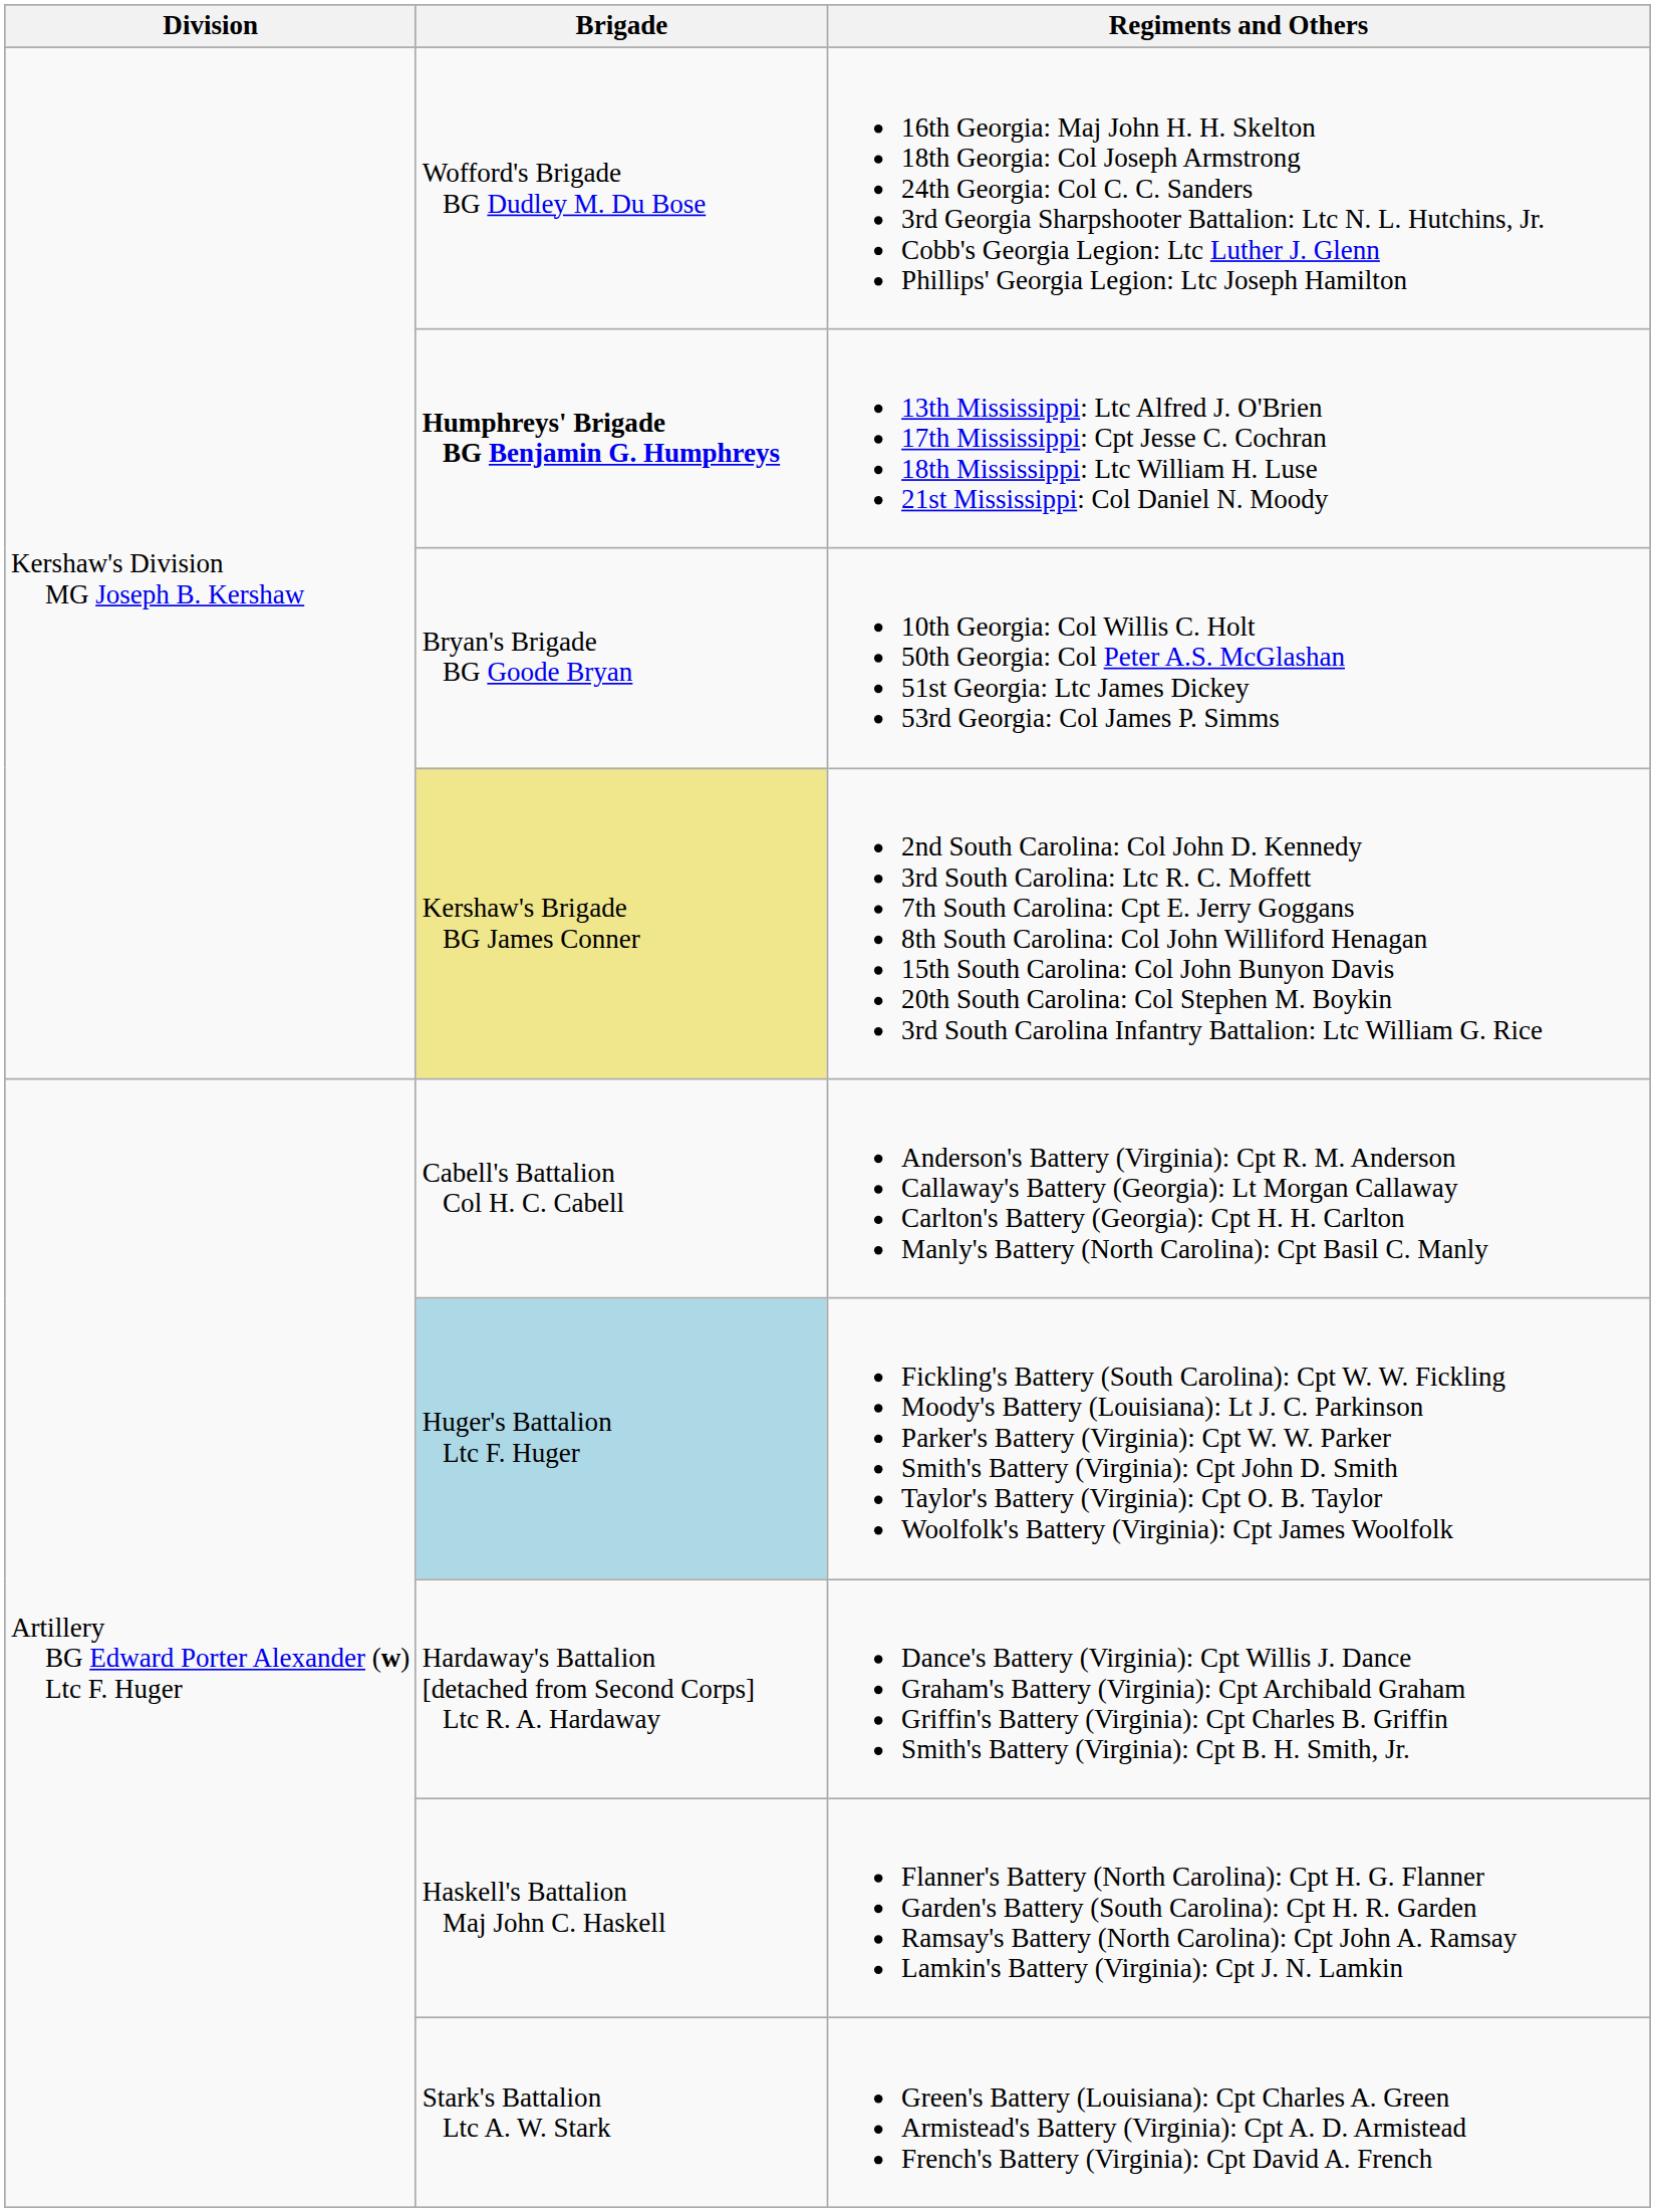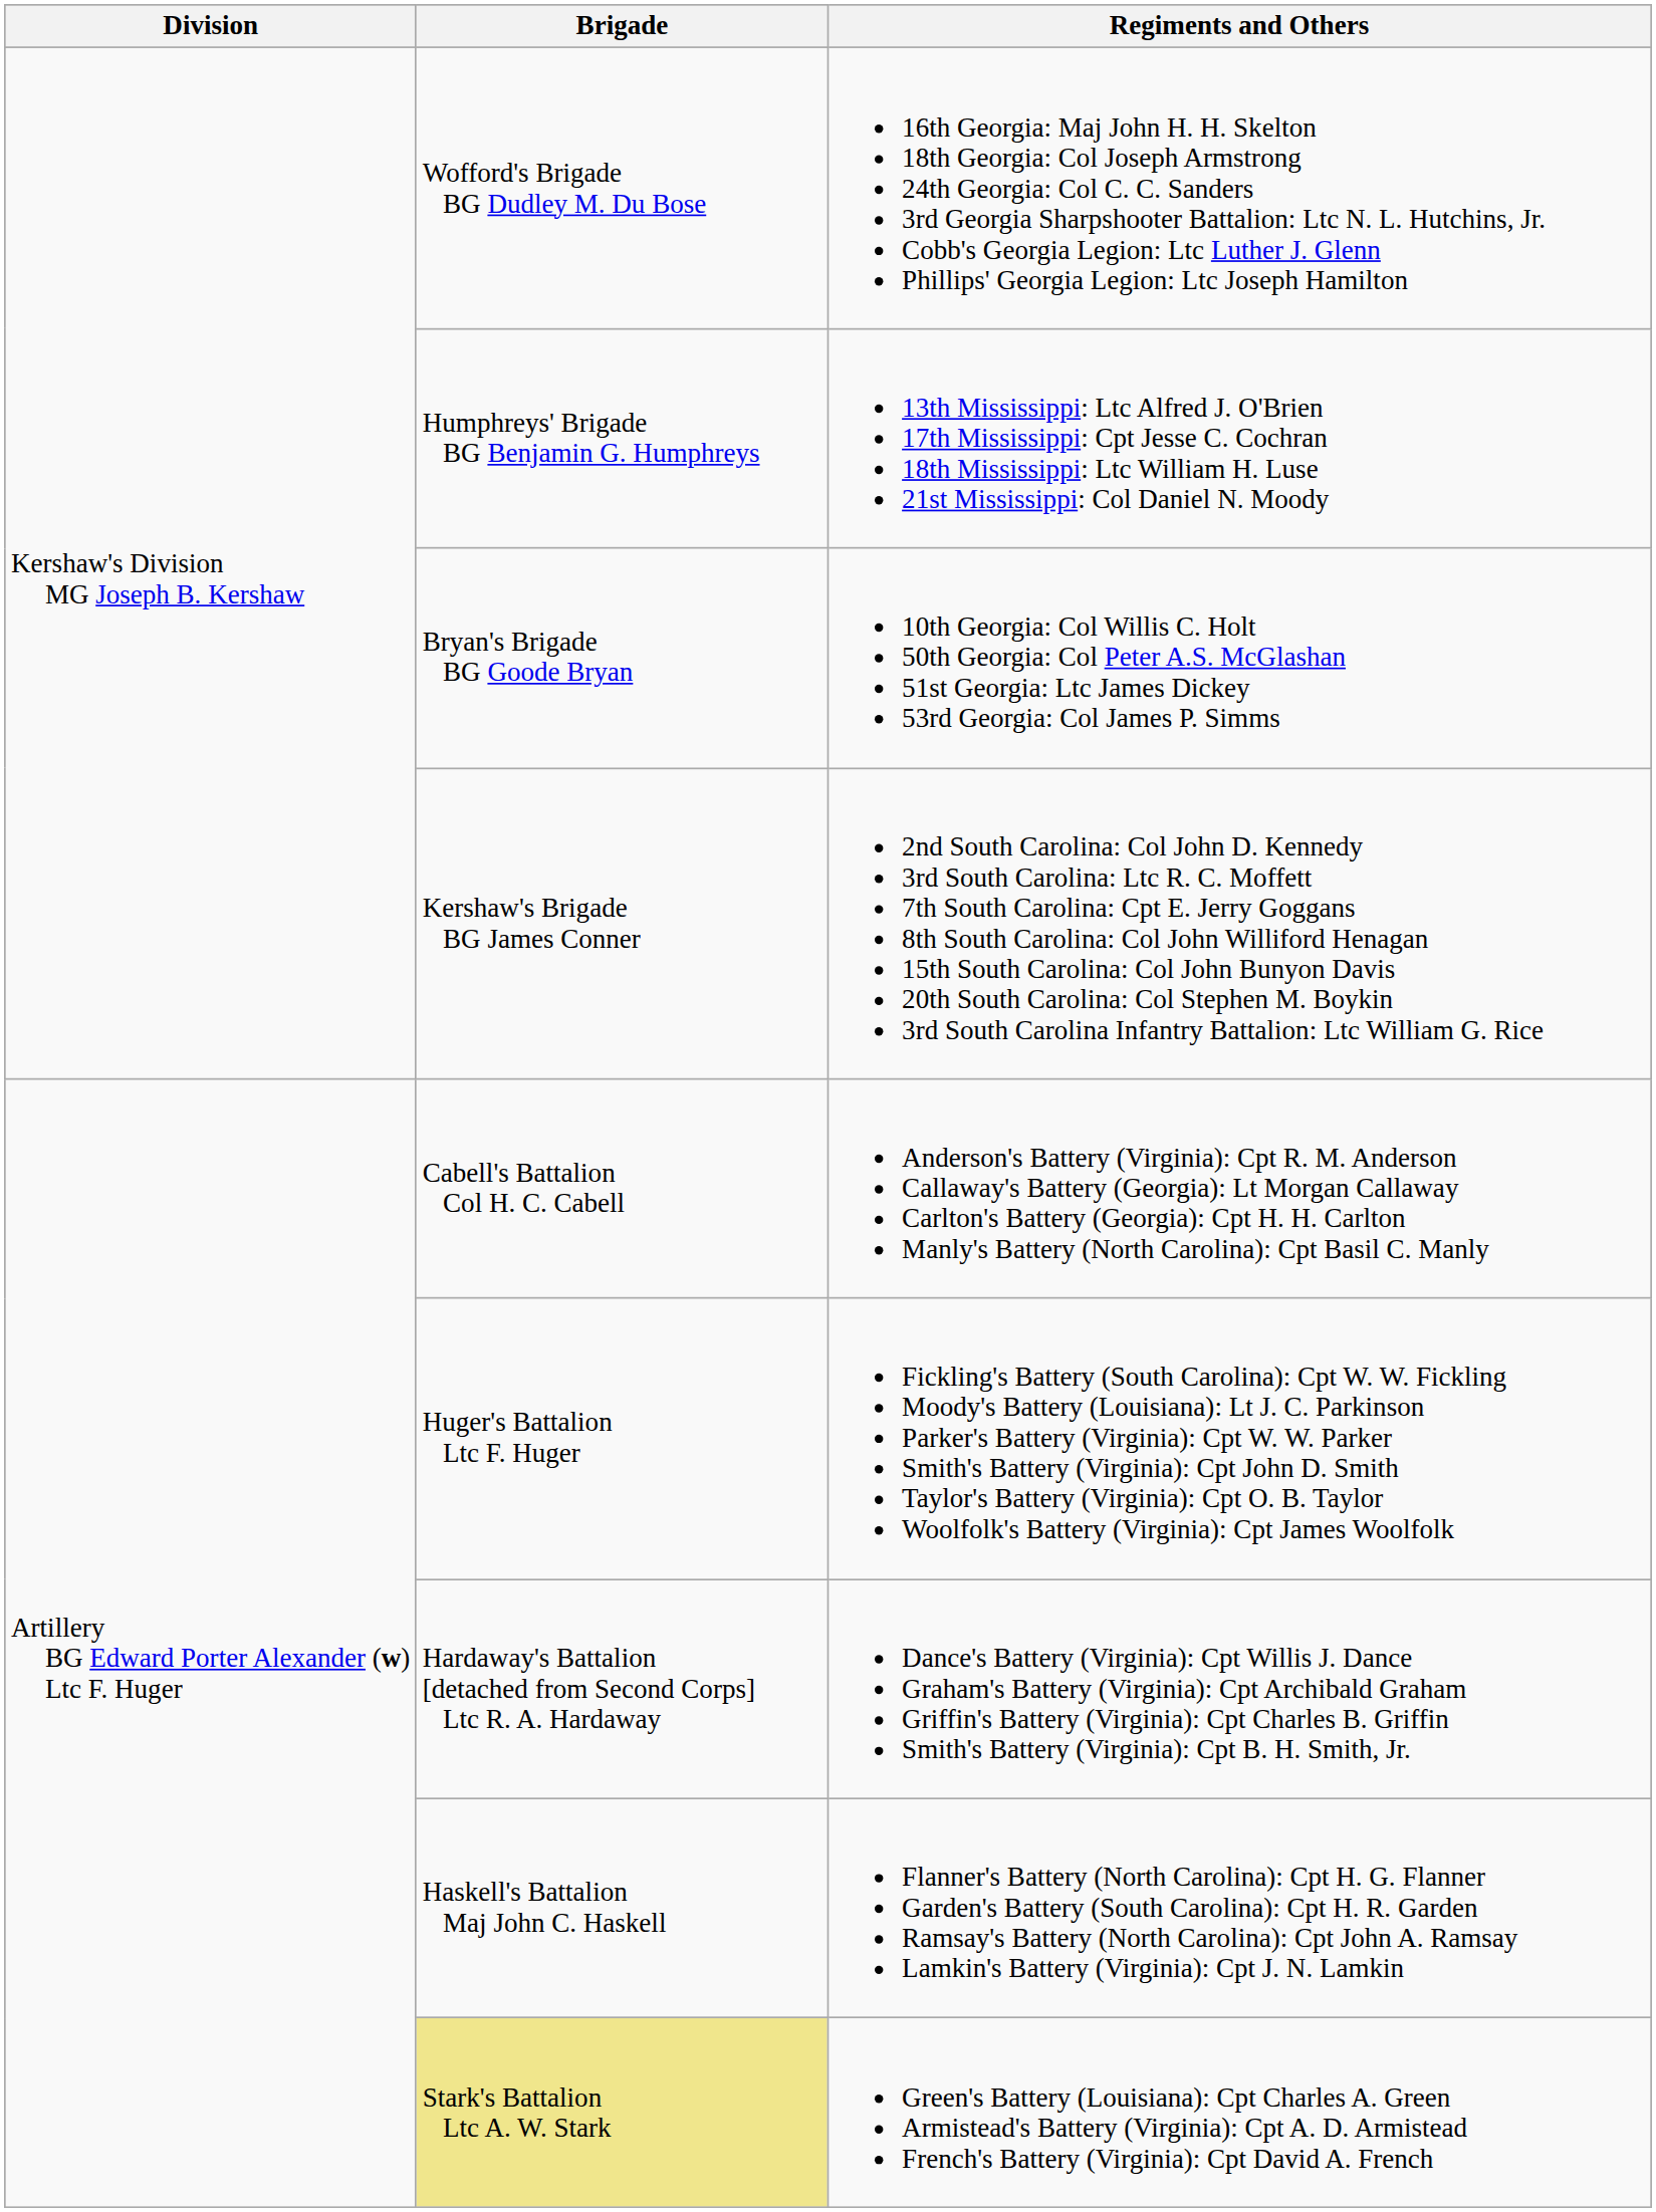 <table class="wikitable">
 <tr>
 <th width=25%>Division</th>
 <th width=25%>Brigade</th>
 <th>Regiments and Others</th>
 </tr>
 <tr>
 <td rowspan=4><br>Kershaw's Division <br>     MG <a href='#'>Joseph B. Kershaw</a></td>
 <td>Wofford's Brigade<br>   BG <a href='#'>Dudley M. Du Bose</a></td>
 <td><br><ul><li>16th Georgia: Maj John H. H. Skelton</li><li>18th Georgia: Col Joseph Armstrong</li><li>24th Georgia: Col C. C. Sanders</li><li>3rd Georgia Sharpshooter Battalion: Ltc N. L. Hutchins, Jr.</li><li>Cobb's Georgia Legion: Ltc <a href='#'>Luther J. Glenn</a></li><li>Phillips' Georgia Legion: Ltc Joseph Hamilton</li></ul></td>
 </tr>
 <tr>
-<td><strong>Humphreys' Brigade<br>   BG <a href='#'>Benjamin G. Humphreys</a></strong></td>
+<td>Humphreys' Brigade<br>   BG <a href='#'>Benjamin G. Humphreys</a></td>
 <td><br><ul><li><a href='#'>13th Mississippi</a>: Ltc Alfred J. O'Brien</li><li><a href='#'>17th Mississippi</a>: Cpt Jesse C. Cochran</li><li><a href='#'>18th Mississippi</a>: Ltc William H. Luse</li><li><a href='#'>21st Mississippi</a>: Col Daniel N. Moody</li></ul></td>
 </tr>
 <tr>
 <td>Bryan's Brigade<br>   BG <a href='#'>Goode Bryan</a></td>
 <td><br><ul><li>10th Georgia: Col Willis C. Holt</li><li>50th Georgia: Col <a href='#'>Peter A.S. McGlashan</a></li><li>51st Georgia: Ltc James Dickey</li><li>53rd Georgia: Col James P. Simms</li></ul></td>
 </tr>
 <tr>
-<td style="background: khaki;">Kershaw's Brigade<br>   BG James Conner</td>
+<td>Kershaw's Brigade<br>   BG James Conner</td>
 <td><br><ul><li>2nd South Carolina: Col John D. Kennedy</li><li>3rd South Carolina: Ltc R. C. Moffett</li><li>7th South Carolina: Cpt E. Jerry Goggans</li><li>8th South Carolina: Col John Williford Henagan</li><li>15th South Carolina: Col John Bunyon Davis</li><li>20th South Carolina: Col Stephen M. Boykin</li><li>3rd South Carolina Infantry Battalion: Ltc William G. Rice</li></ul></td>
 </tr>
 <tr>
 <td rowspan=5><br>Artillery <br>     BG <a href='#'>Edward Porter Alexander</a> (<strong>w</strong>) <br>     Ltc F. Huger</td>
 <td>Cabell's Battalion<br>   Col H. C. Cabell</td>
 <td><br><ul><li>Anderson's Battery (Virginia): Cpt R. M. Anderson</li><li>Callaway's Battery (Georgia): Lt Morgan Callaway</li><li>Carlton's Battery (Georgia): Cpt H. H. Carlton</li><li>Manly's Battery (North Carolina): Cpt Basil C. Manly</li></ul></td>
 </tr>
 <tr>
-<td style="background: lightblue;">Huger's Battalion<br>   Ltc F. Huger</td>
+<td>Huger's Battalion<br>   Ltc F. Huger</td>
 <td><br><ul><li>Fickling's Battery (South Carolina): Cpt W. W. Fickling</li><li>Moody's Battery (Louisiana): Lt J. C. Parkinson</li><li>Parker's Battery (Virginia): Cpt W. W. Parker</li><li>Smith's Battery (Virginia): Cpt John D. Smith</li><li>Taylor's Battery (Virginia): Cpt O. B. Taylor</li><li>Woolfolk's Battery (Virginia): Cpt James Woolfolk</li></ul></td>
 </tr>
 <tr>
 <td>Hardaway's Battalion<br>[detached from Second Corps]<br>   Ltc R. A. Hardaway</td>
 <td><br><ul><li>Dance's Battery (Virginia): Cpt Willis J. Dance</li><li>Graham's Battery (Virginia): Cpt Archibald Graham</li><li>Griffin's Battery (Virginia): Cpt Charles B. Griffin</li><li>Smith's Battery (Virginia): Cpt B. H. Smith, Jr.</li></ul></td>
 </tr>
 <tr>
 <td>Haskell's Battalion<br>   Maj John C. Haskell</td>
 <td><br><ul><li>Flanner's Battery (North Carolina): Cpt H. G. Flanner</li><li>Garden's Battery (South Carolina): Cpt H. R. Garden</li><li>Ramsay's Battery (North Carolina): Cpt John A. Ramsay</li><li>Lamkin's Battery (Virginia): Cpt J. N. Lamkin</li></ul></td>
 </tr>
 <tr>
-<td>Stark's Battalion<br>   Ltc A. W. Stark</td>
+<td style="background: khaki;">Stark's Battalion<br>   Ltc A. W. Stark</td>
 <td><br><ul><li>Green's Battery (Louisiana): Cpt Charles A. Green</li><li>Armistead's Battery (Virginia): Cpt A. D. Armistead</li><li>French's Battery (Virginia): Cpt David A. French</li></ul></td>
 </tr>
 <tr>
 </tr>
 </table>
